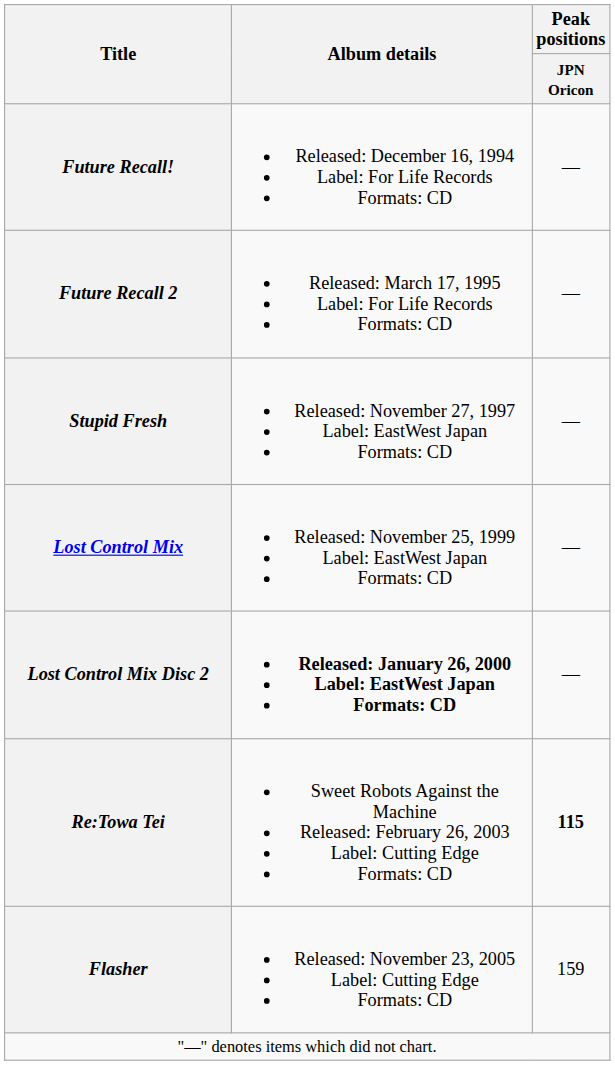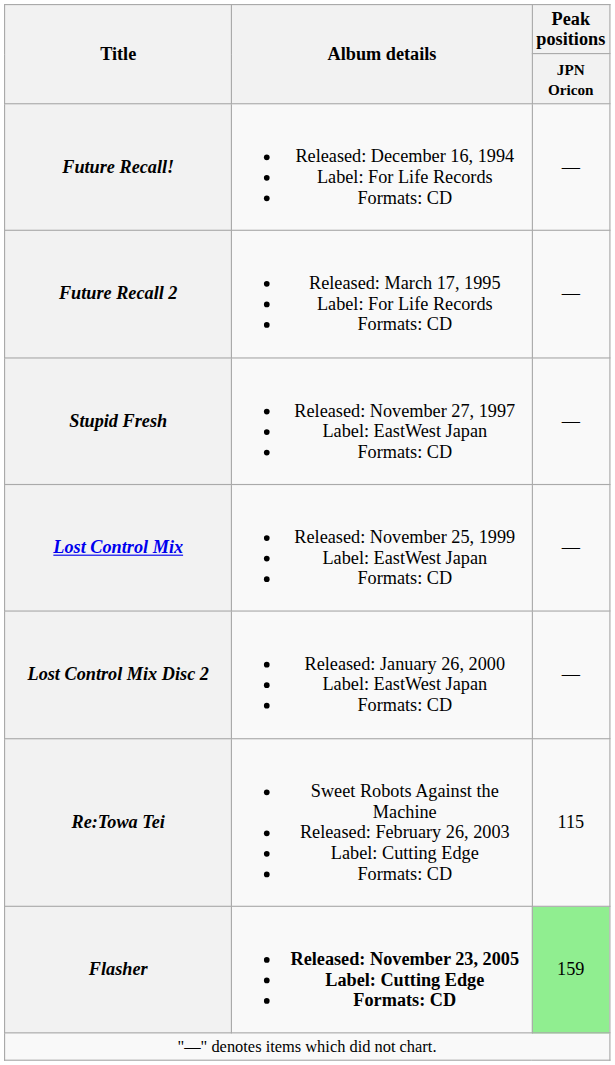 <table class="wikitable plainrowheaders" style="text-align:center;">
 <tr>
 <th style="width:12em;" rowspan="2">Title</th>
 <th style="width:16em;" rowspan="2">Album details</th>
 <th colspan="1">Peak positions</th>
 </tr>
 <tr>
 <th style="width:2.5em;"><small>JPN<br>Oricon</small><br></th>
 </tr>
 <tr>
 <th scope="row"><em>Future Recall!</em></th>
 <td><br><ul><li>Released: December 16, 1994</li><li>Label: For Life Records</li><li>Formats: CD</li></ul></td>
 <td>—</td>
 </tr>
 <tr>
 <th scope="row"><em>Future Recall 2</em></th>
 <td><br><ul><li>Released: March 17, 1995</li><li>Label: For Life Records</li><li>Formats: CD</li></ul></td>
 <td>—</td>
 </tr>
 <tr>
 <th scope="row"><em>Stupid Fresh</em></th>
 <td><br><ul><li>Released: November 27, 1997</li><li>Label: EastWest Japan</li><li>Formats: CD</li></ul></td>
 <td>—</td>
 </tr>
 <tr>
 <th scope="row"><em><a href='#'>Lost Control Mix</a></em></th>
 <td><br><ul><li>Released: November 25, 1999</li><li>Label: EastWest Japan</li><li>Formats: CD</li></ul></td>
 <td>—</td>
 </tr>
 <tr>
 <th scope="row"><em>Lost Control Mix Disc 2</em></th>
-<td><strong><br><ul><li>Released: January 26, 2000</li><li>Label: EastWest Japan</li><li>Formats: CD</li></ul></strong></td>
+<td><br><ul><li>Released: January 26, 2000</li><li>Label: EastWest Japan</li><li>Formats: CD</li></ul></td>
 <td>—</td>
 </tr>
 <tr>
 <th scope="row"><em>Re:Towa Tei</em></th>
 <td><br><ul><li>Sweet Robots Against the Machine</li><li>Released: February 26, 2003</li><li>Label: Cutting Edge</li><li>Formats: CD</li></ul></td>
-<td><strong>115</strong></td>
+<td>115</td>
 </tr>
 <tr>
 <th scope="row"><em>Flasher</em></th>
-<td><br><ul><li>Released: November 23, 2005</li><li>Label: Cutting Edge</li><li>Formats: CD</li></ul></td>
-<td>159</td>
+<td><strong><br><ul><li>Released: November 23, 2005</li><li>Label: Cutting Edge</li><li>Formats: CD</li></ul></strong></td>
+<td style="background: lightgreen;">159</td>
 </tr>
 <tr>
 <td colspan="12" align="center" style="font-size:90%;">"—" denotes items which did not chart.</td>
 </tr>
 </table>
